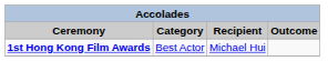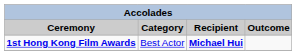 <table class="wikitable" style="font-size:95%;" ;>
 <tr style="background:#ccc; text-align:center;">
 <th colspan="4" style="background: LightSteelBlue;">Accolades</th>
 </tr>
 <tr style="background:#ccc; text-align:center;">
 <th style="background:#ccc">Ceremony</th>
 <th style="background:#ccc">Category</th>
 <th style="background:#ccc">Recipient</th>
 <th style="background:#ccc">Outcome</th>
 </tr>
 <tr>
 <td><strong><a href='#'>1st Hong Kong Film Awards</a></strong></td>
 <td><a href='#'>Best Actor</a></td>
-<td><a href='#'>Michael Hui</a></td>
+<td><strong><a href='#'>Michael Hui</a></strong></td>
 <td></td>
 </tr>
 <tr>
 </tr>
 </table>
